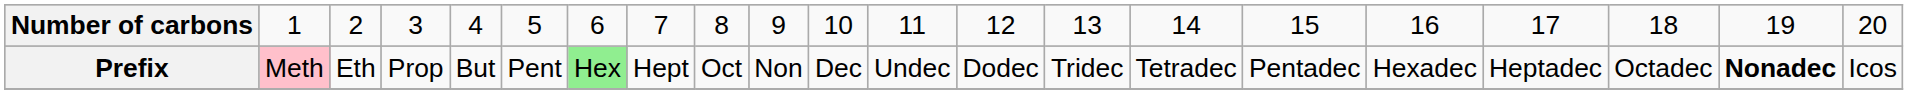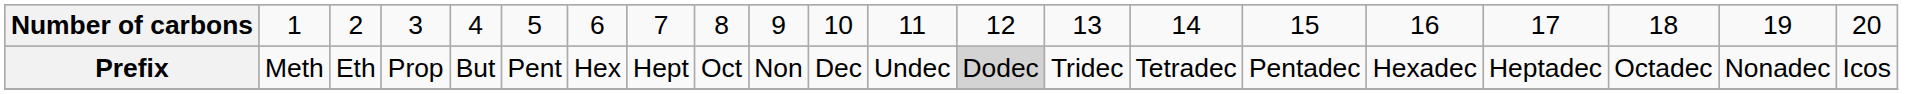 <table class="wikitable" style="text-align: center;">
 <tr>
 <th>Number of carbons</th>
 <td>1</td>
 <td>2</td>
 <td>3</td>
 <td>4</td>
 <td>5</td>
 <td>6</td>
 <td>7</td>
 <td>8</td>
 <td>9</td>
 <td>10</td>
 <td>11</td>
 <td>12</td>
 <td>13</td>
 <td>14</td>
 <td>15</td>
 <td>16</td>
 <td>17</td>
 <td>18</td>
 <td>19</td>
 <td>20</td>
 </tr>
 <tr>
 <th>Prefix</th>
-<td style="background: pink;">Meth</td>
+<td>Meth</td>
 <td>Eth</td>
 <td>Prop</td>
 <td>But</td>
 <td>Pent</td>
-<td style="background: lightgreen;">Hex</td>
+<td>Hex</td>
 <td>Hept</td>
 <td>Oct</td>
 <td>Non</td>
 <td>Dec</td>
 <td>Undec</td>
-<td>Dodec</td>
+<td style="background: lightgrey;">Dodec</td>
 <td>Tridec</td>
 <td>Tetradec</td>
 <td>Pentadec</td>
 <td>Hexadec</td>
 <td>Heptadec</td>
 <td>Octadec</td>
-<td><strong>Nonadec</strong></td>
+<td>Nonadec</td>
 <td>Icos</td>
 </tr>
 <tr>
 </tr>
 </table>
